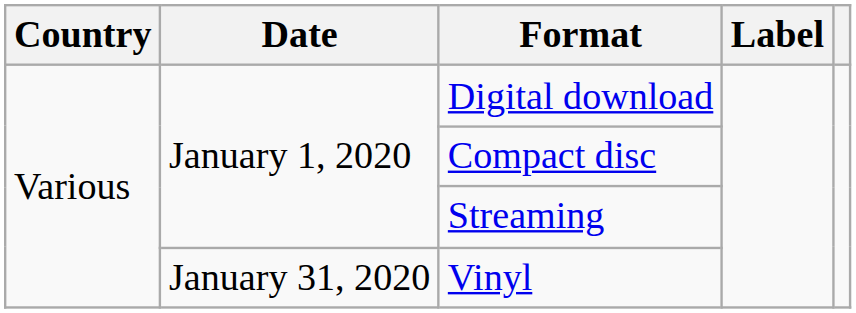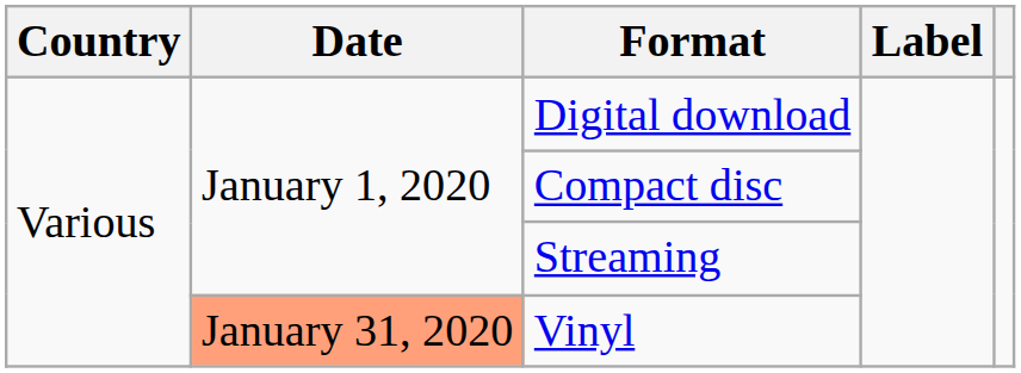 <table class="wikitable">
 <tr>
 <th>Country</th>
 <th>Date</th>
 <th>Format</th>
 <th>Label</th>
 <th></th>
 </tr>
 <tr>
 <td rowspan="4">Various</td>
 <td rowspan="3">January 1, 2020</td>
 <td><a href='#'>Digital download</a></td>
 <td rowspan="4"></td>
 <td rowspan="4"></td>
 </tr>
 <tr>
 <td><a href='#'>Compact disc</a></td>
 </tr>
 <tr>
 <td><a href='#'>Streaming</a></td>
 </tr>
 <tr>
-<td>January 31, 2020</td>
+<td style="background: lightsalmon;">January 31, 2020</td>
 <td><a href='#'>Vinyl</a></td>
 </tr>
 </table>
